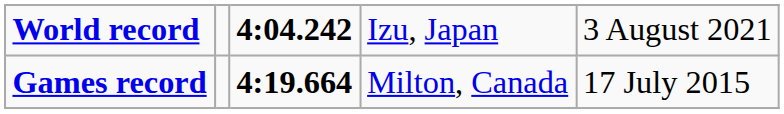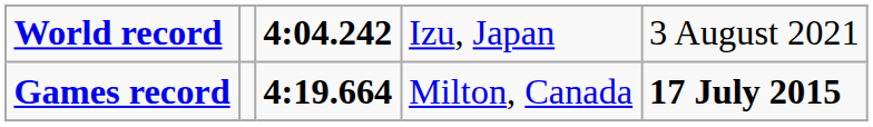 <table class="wikitable">
 <tr>
 <td><a href='#'><strong>World record</strong></a></td>
 <td></td>
 <td><strong>4:04.242</strong></td>
 <td><a href='#'>Izu</a>, <a href='#'>Japan</a></td>
 <td>3 August 2021</td>
 </tr>
 <tr>
 <td><strong><a href='#'>Games record</a></strong></td>
 <td></td>
 <td><strong>4:19.664</strong></td>
 <td><a href='#'>Milton</a>, <a href='#'>Canada</a></td>
-<td>17 July 2015</td>
+<td><strong>17 July 2015</strong></td>
 </tr>
 </table>
